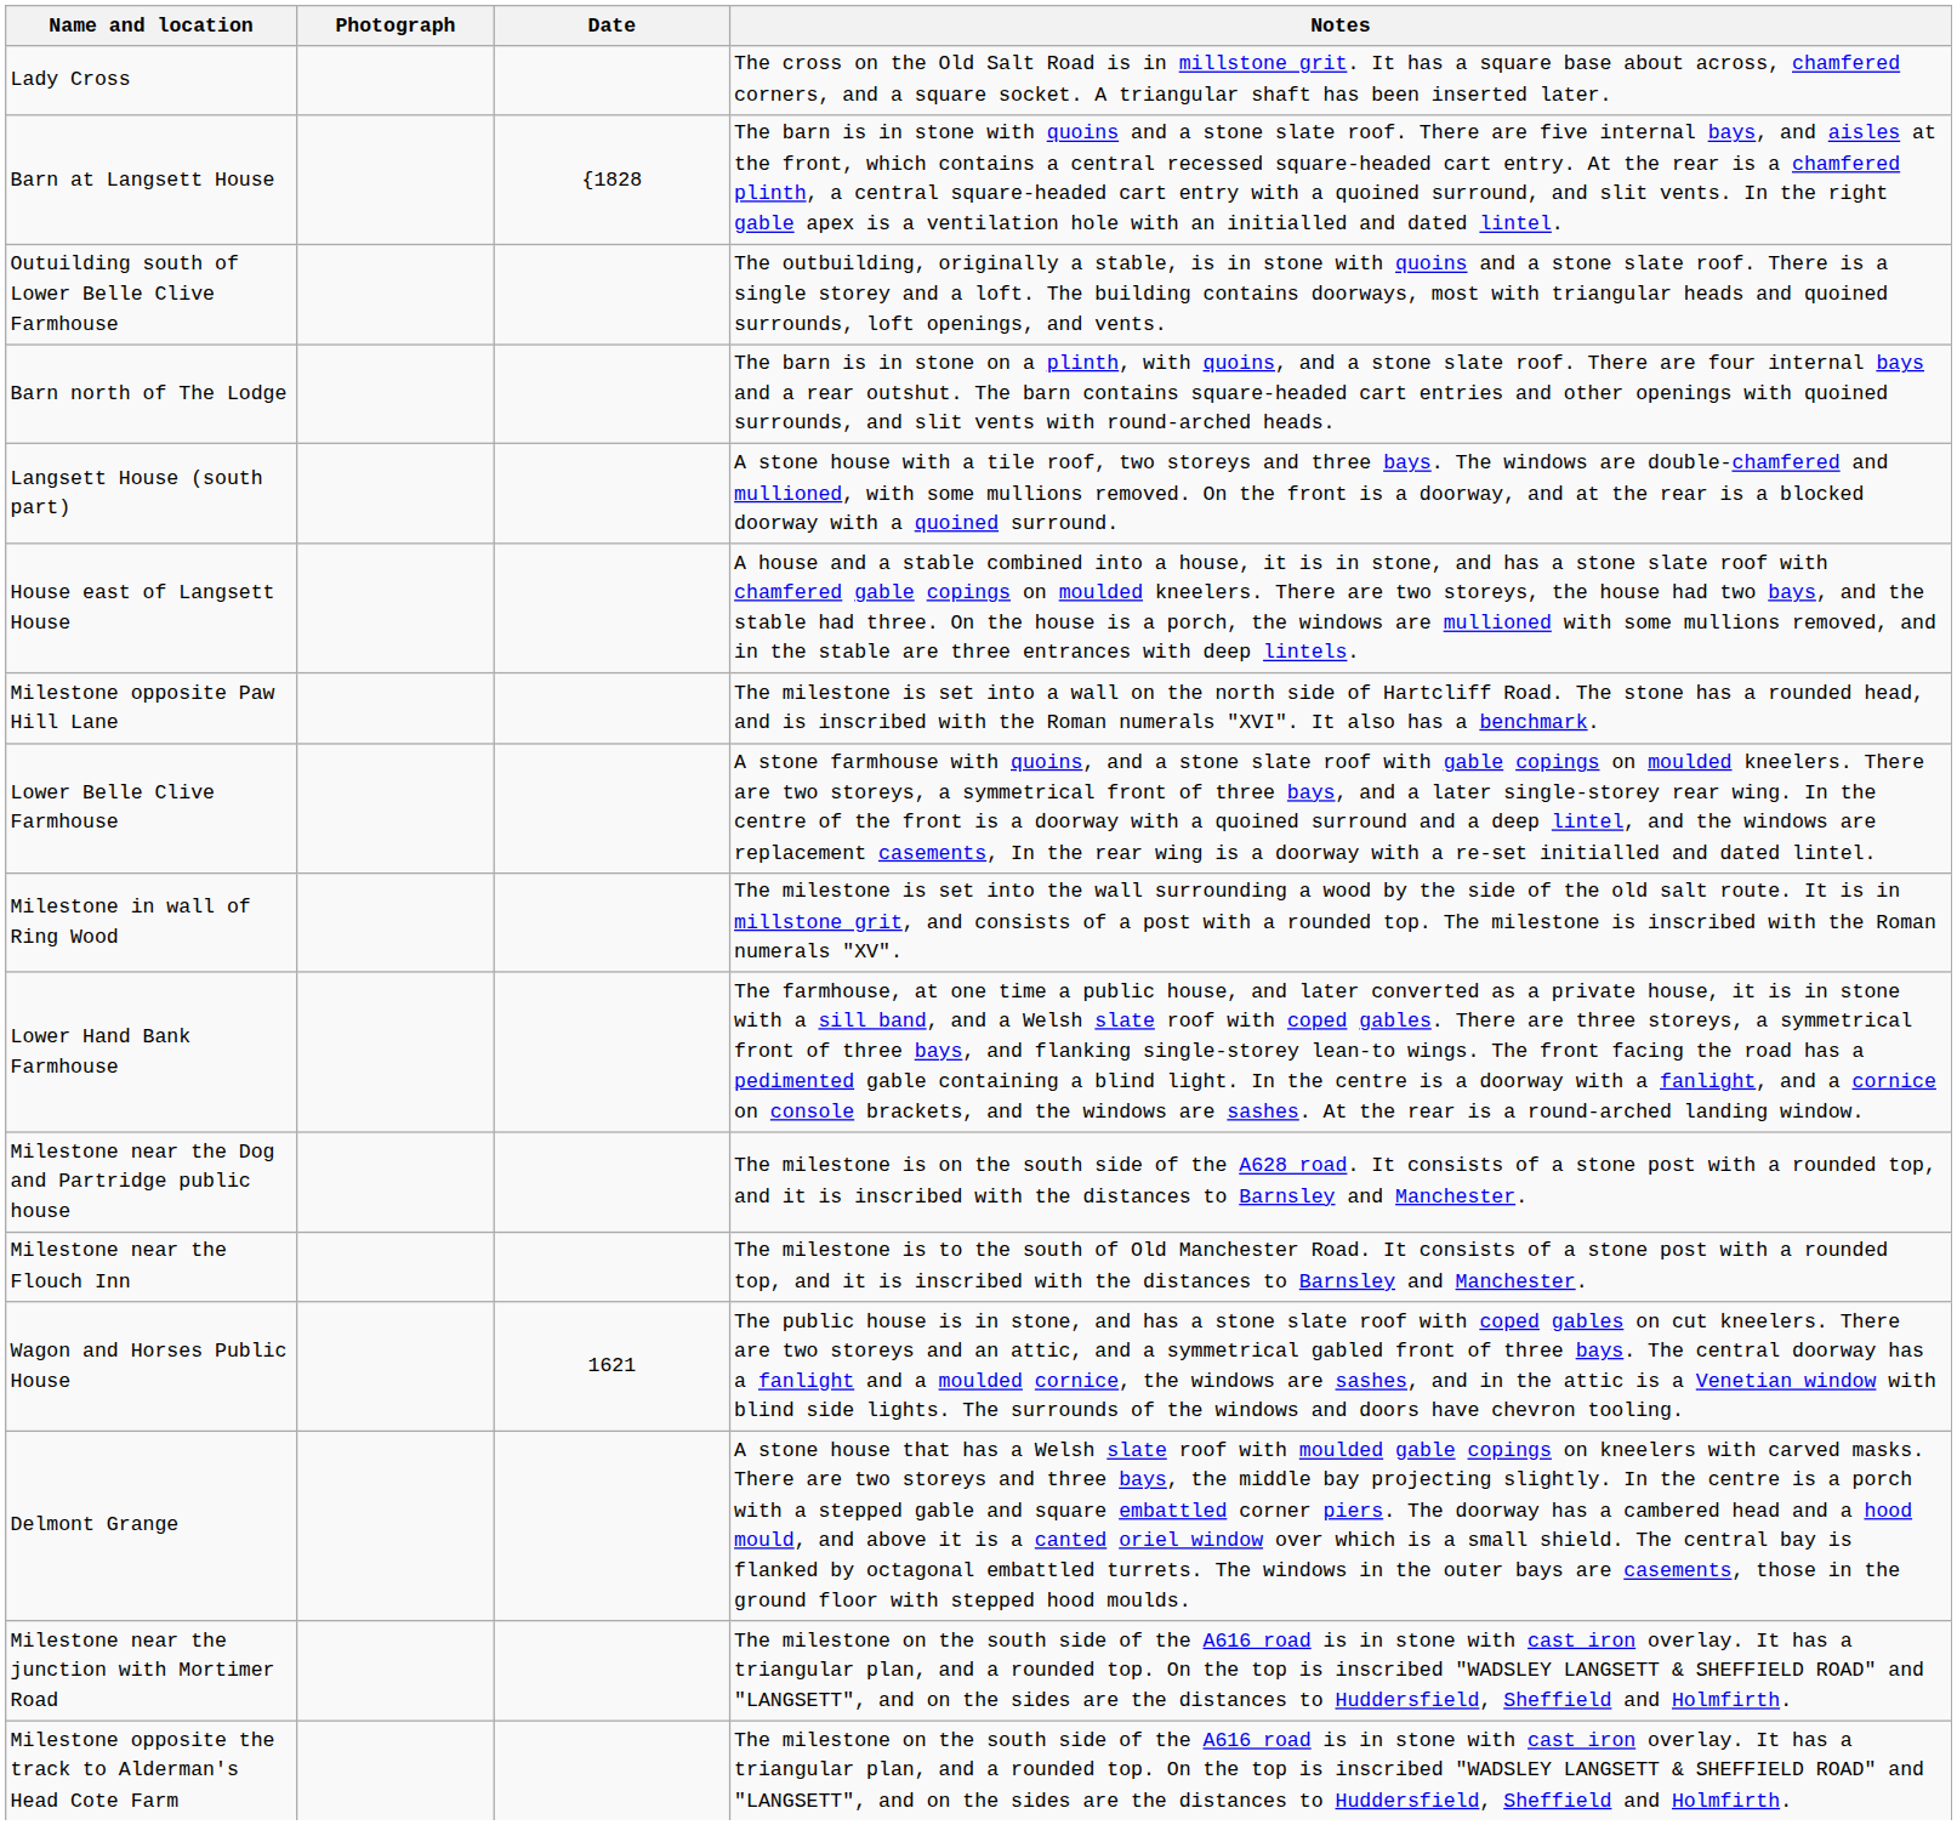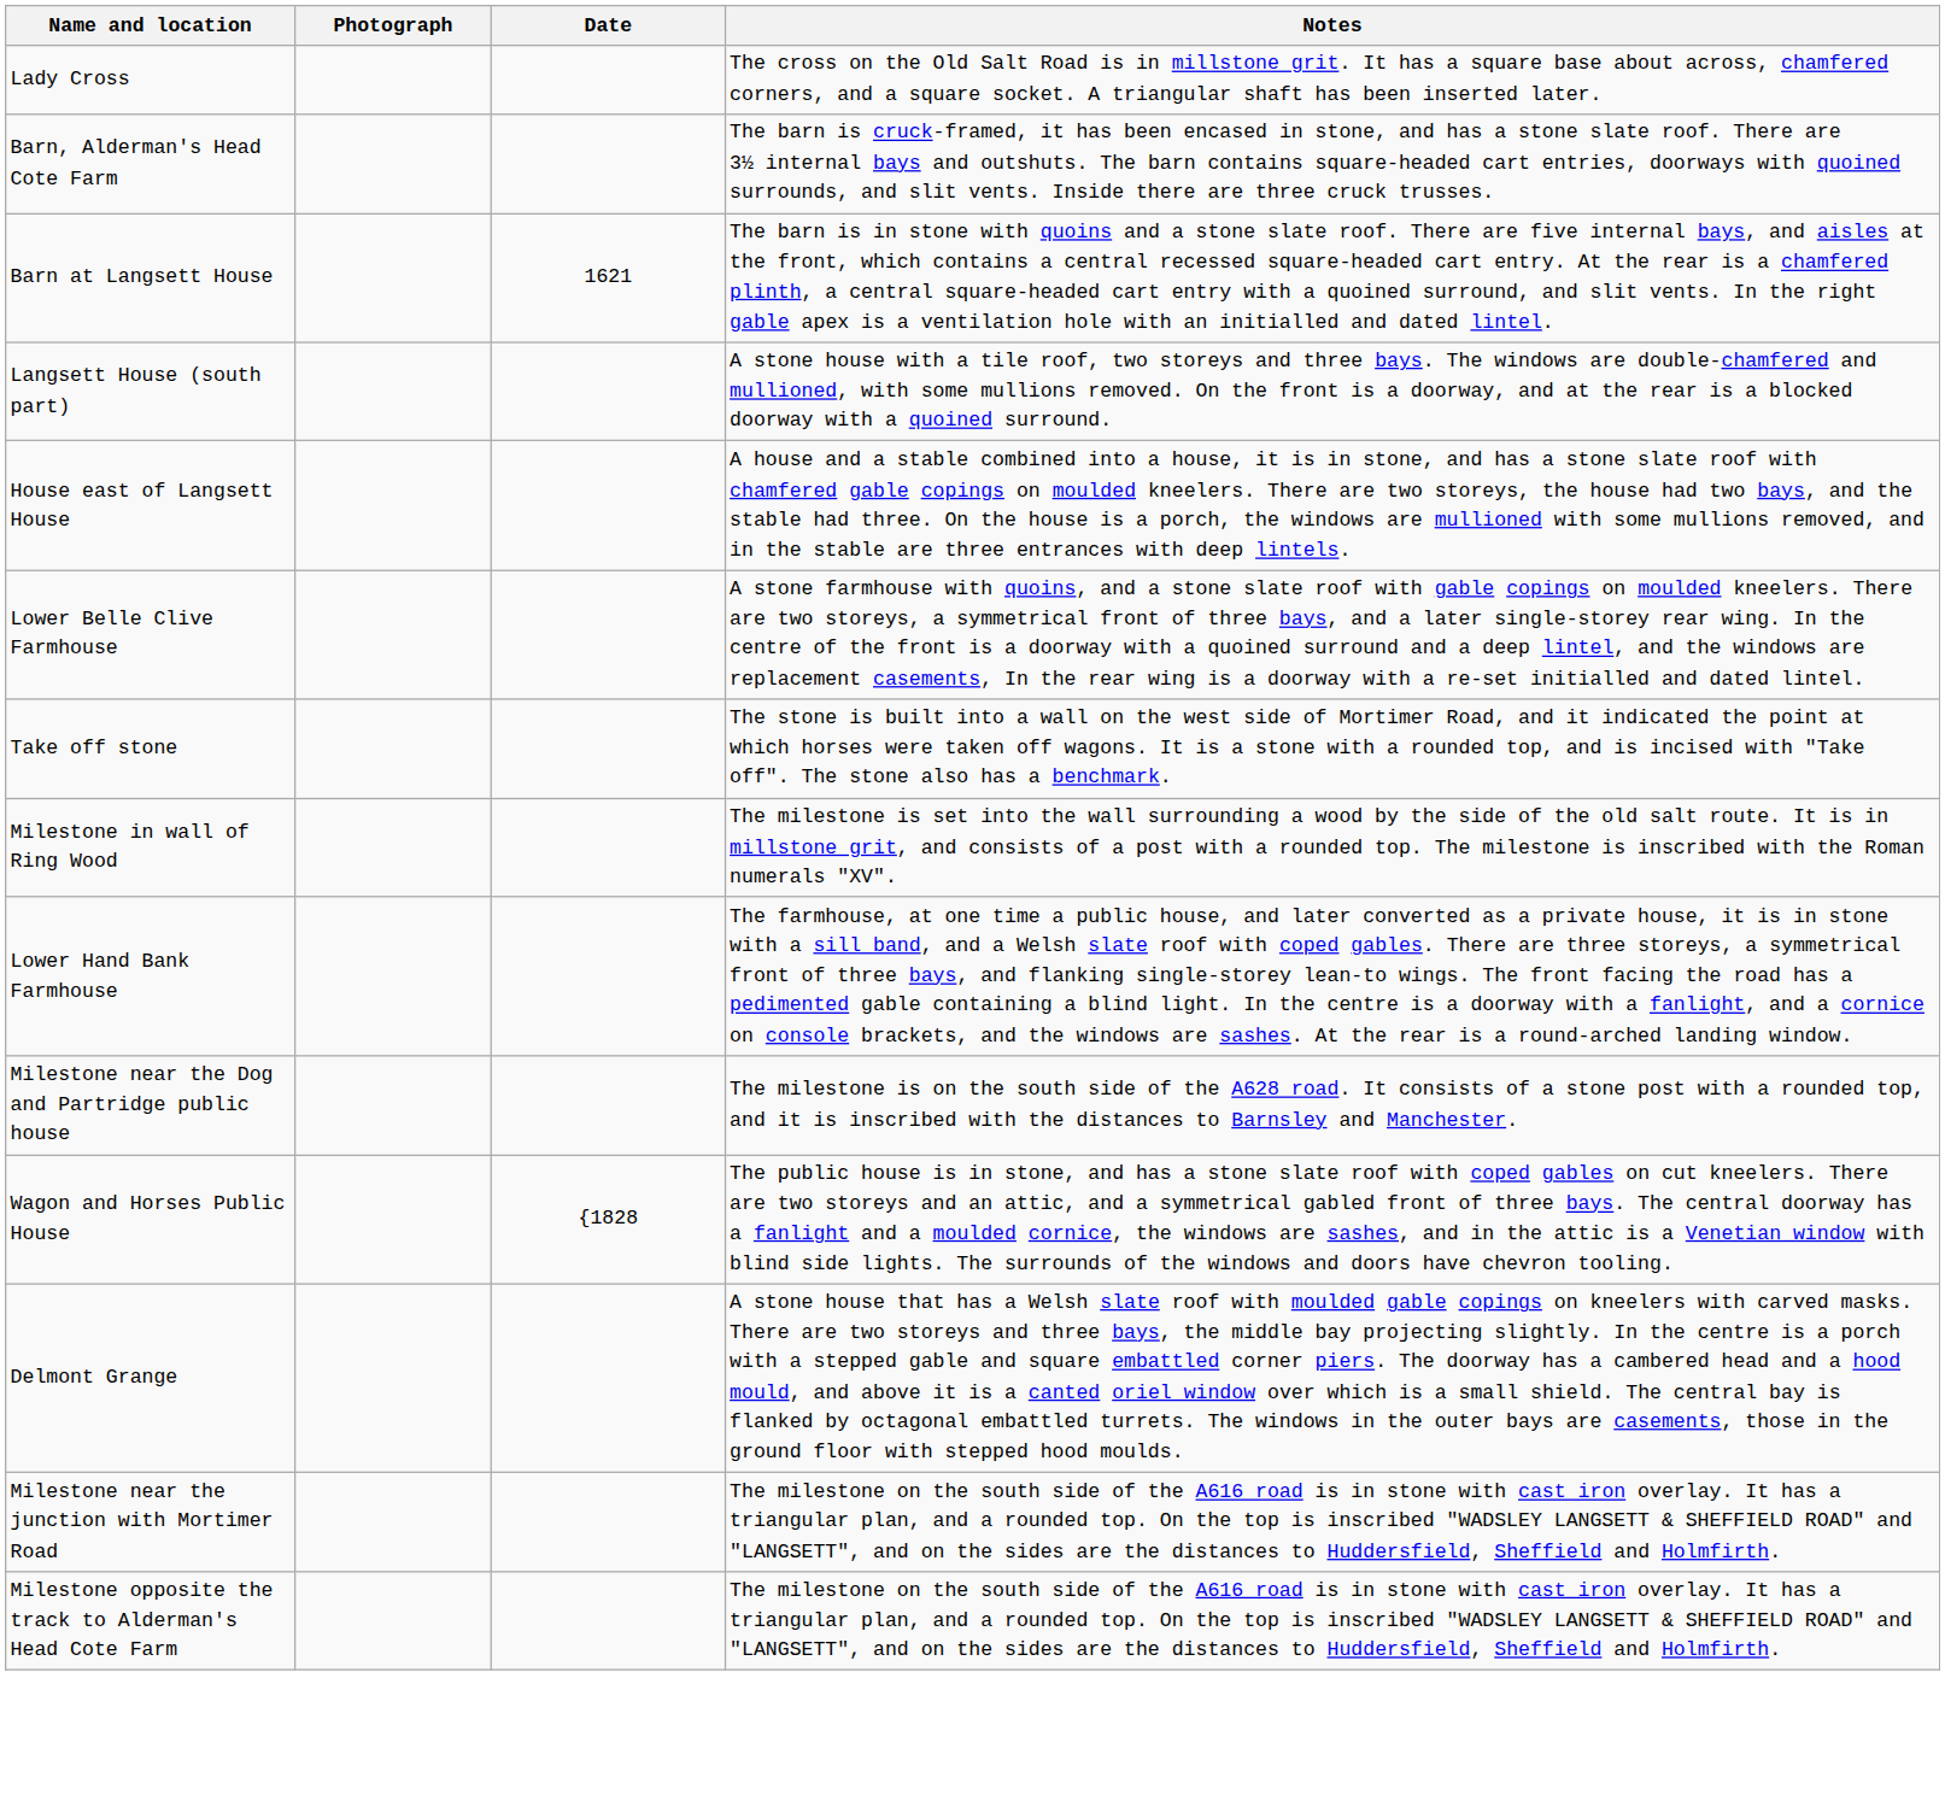 <table class="wikitable sortable plainrowheaders" style="width:100%;border:0px;text-align:left;line-height:150%;">
 <tr>
 <th scope="col"  style="width:150px">Name and location</th>
 <th scope="col"  style="width:100px" class="unsortable">Photograph</th>
 <th scope="col"  style="width:120px">Date</th>
 <th scope="col"  style="width:650px" class="unsortable">Notes</th>
 </tr>
 <tr>
 <td>Lady Cross<br><small></small></td>
 <td></td>
 <td align="center"></td>
 <td>The cross on the Old Salt Road is in <a href='#'>millstone grit</a>.  It has a square base about  across, <a href='#'>chamfered</a> corners, and a square socket.  A triangular shaft has been inserted later.</td>
 </tr>
 <tr>
+<td>Barn, Alderman's Head Cote Farm<br><small></small></td>
+<td></td>
+<td align="center"></td>
+<td>The barn is <a href='#'>cruck</a>-framed, it has been encased in stone, and has a stone slate roof.  There are 3½ internal <a href='#'>bays</a> and outshuts.  The barn contains square-headed cart entries, doorways with <a href='#'>quoined</a> surrounds, and slit vents.  Inside there are three cruck trusses.</td>
+</tr>
+<tr>
 <td>Barn at Langsett House<br><small></small></td>
 <td></td>
-<td align="center">{1828</td>
+<td align="center">1621</td>
 <td>The barn is in stone with <a href='#'>quoins</a> and a stone slate roof.  There are five internal <a href='#'>bays</a>, and <a href='#'>aisles</a> at the front, which contains a central recessed square-headed cart entry.  At the rear is a <a href='#'>chamfered</a> <a href='#'>plinth</a>, a central square-headed cart entry with a quoined surround, and slit vents.  In the right <a href='#'>gable</a> apex is a ventilation hole with an initialled and dated <a href='#'>lintel</a>.</td>
-</tr>
-<tr>
-<td>Outuilding south of Lower Belle Clive Farmhouse<br><small></small></td>
-<td></td>
-<td align="center"></td>
-<td>The outbuilding, originally a stable, is in stone with <a href='#'>quoins</a> and a stone slate roof.  There is a single storey and a loft.  The building contains doorways, most with triangular heads and quoined surrounds, loft openings, and vents.</td>
-</tr>
-<tr>
-<td>Barn north of The Lodge<br><small></small></td>
-<td></td>
-<td align="center"></td>
-<td>The barn is in stone on a <a href='#'>plinth</a>, with <a href='#'>quoins</a>, and a stone slate roof.  There are four internal <a href='#'>bays</a> and a rear outshut.  The barn contains square-headed cart entries and other openings with quoined surrounds, and slit vents with round-arched heads.</td>
 </tr>
 <tr>
 <td>Langsett House (south part)<br><small></small></td>
 <td></td>
 <td align="center"></td>
 <td>A stone house with a tile roof, two storeys and three <a href='#'>bays</a>.  The windows are double-<a href='#'>chamfered</a> and <a href='#'>mullioned</a>, with some mullions removed.  On the front is a doorway, and at the rear is a blocked doorway with a <a href='#'>quoined</a> surround.</td>
 </tr>
 <tr>
 <td>House east of Langsett House<br><small></small></td>
 <td></td>
 <td align="center"></td>
 <td>A house and a stable combined into a house, it is in stone, and has a stone slate roof with <a href='#'>chamfered</a> <a href='#'>gable</a> <a href='#'>copings</a> on <a href='#'>moulded</a> kneelers.  There are two storeys, the house had two <a href='#'>bays</a>, and the stable had three.  On the house is a porch, the windows are <a href='#'>mullioned</a> with some mullions removed, and in the stable are three entrances with deep <a href='#'>lintels</a>.</td>
 </tr>
 <tr>
-<td>Milestone opposite Paw Hill Lane<br><small></small></td>
-<td></td>
-<td align="center"></td>
-<td>The milestone is set into a wall on the north side of Hartcliff Road.  The stone has a rounded head, and is inscribed with the Roman numerals "XVI".  It also has a <a href='#'>benchmark</a>.</td>
-</tr>
-<tr>
 <td>Lower Belle Clive Farmhouse<br><small></small></td>
 <td></td>
 <td align="center"></td>
 <td>A stone farmhouse with <a href='#'>quoins</a>, and a stone slate roof with <a href='#'>gable</a> <a href='#'>copings</a> on <a href='#'>moulded</a> kneelers.  There are two storeys, a symmetrical front of three <a href='#'>bays</a>, and a later single-storey rear wing.  In the centre of the front is a doorway with a quoined surround and a deep <a href='#'>lintel</a>, and the windows are replacement <a href='#'>casements</a>,  In the rear wing is a doorway with a re-set initialled and dated lintel.</td>
+</tr>
+<tr>
+<td>Take off stone<br><small></small></td>
+<td></td>
+<td align="center"></td>
+<td>The stone is built into a wall on the west side of Mortimer Road, and it indicated the point at which horses were taken off wagons.  It is a stone with a rounded top, and is incised with "Take off". The stone also has a <a href='#'>benchmark</a>.</td>
 </tr>
 <tr>
 <td>Milestone in wall of Ring Wood<br><small></small></td>
 <td></td>
 <td align="center"></td>
 <td>The milestone is set into the wall surrounding a wood by the side of the old salt route.  It is in <a href='#'>millstone grit</a>, and consists of a post with a rounded top.  The milestone is inscribed with the Roman numerals "XV".</td>
 </tr>
 <tr>
 <td>Lower Hand Bank Farmhouse<br><small></small></td>
 <td></td>
 <td align="center"></td>
 <td>The farmhouse, at one time a public house, and later converted as a private house, it is in stone with a <a href='#'>sill band</a>, and a Welsh <a href='#'>slate</a> roof with <a href='#'>coped</a> <a href='#'>gables</a>.  There are three storeys, a symmetrical front of three <a href='#'>bays</a>, and flanking single-storey lean-to wings.  The front facing the road has a <a href='#'>pedimented</a> gable containing a blind light.  In the centre is a doorway with a <a href='#'>fanlight</a>, and a <a href='#'>cornice</a> on <a href='#'>console</a> brackets, and the windows are <a href='#'>sashes</a>.  At the rear is a round-arched landing window.</td>
 </tr>
 <tr>
 <td>Milestone near the Dog and Partridge public house<br><small></small></td>
 <td></td>
 <td align="center"></td>
 <td>The milestone is on the south side of the <a href='#'>A628 road</a>.  It consists of a stone post with a rounded top, and it is inscribed with the distances to <a href='#'>Barnsley</a> and <a href='#'>Manchester</a>.</td>
 </tr>
 <tr>
-<td>Milestone near the Flouch Inn<br><small></small></td>
-<td></td>
-<td align="center"></td>
-<td>The milestone is to the south of Old Manchester Road.  It consists of a stone post with a rounded top, and it is inscribed with the distances to <a href='#'>Barnsley</a> and <a href='#'>Manchester</a>.</td>
-</tr>
-<tr>
 <td>Wagon and Horses Public House<br><small></small></td>
 <td></td>
-<td align="center">1621</td>
+<td align="center">{1828</td>
 <td>The public house is in stone, and has a stone slate roof with <a href='#'>coped</a> <a href='#'>gables</a> on cut kneelers.  There are two storeys and an attic, and a symmetrical gabled front of three <a href='#'>bays</a>.  The central doorway has a <a href='#'>fanlight</a> and a <a href='#'>moulded</a> <a href='#'>cornice</a>, the windows are <a href='#'>sashes</a>, and in the attic is a <a href='#'>Venetian window</a> with blind side lights.  The surrounds of the windows and doors have chevron tooling.</td>
 </tr>
 <tr>
 <td>Delmont Grange<br><small></small></td>
 <td></td>
 <td align="center"></td>
 <td>A stone house that has a Welsh <a href='#'>slate</a> roof with <a href='#'>moulded</a> <a href='#'>gable</a> <a href='#'>copings</a> on kneelers with carved masks.  There are two storeys and three <a href='#'>bays</a>, the middle bay projecting slightly.  In the centre is a porch with a stepped gable and square <a href='#'>embattled</a> corner <a href='#'>piers</a>.  The doorway has a cambered head and a <a href='#'>hood mould</a>, and above it is a <a href='#'>canted</a> <a href='#'>oriel window</a> over which is a small shield.  The central bay is flanked by octagonal embattled turrets.  The windows in the outer bays are <a href='#'>casements</a>, those in the ground floor with stepped hood moulds.</td>
 </tr>
 <tr>
 <td>Milestone near the junction with Mortimer Road<br><small></small></td>
 <td></td>
 <td align="center"></td>
 <td>The milestone on the south side of the <a href='#'>A616 road</a> is in stone with <a href='#'>cast iron</a> overlay.  It has a triangular plan, and a rounded top.  On the top is inscribed "WADSLEY LANGSETT & SHEFFIELD ROAD" and "LANGSETT", and on the sides are the distances to <a href='#'>Huddersfield</a>, <a href='#'>Sheffield</a> and <a href='#'>Holmfirth</a>.</td>
 </tr>
 <tr>
 <td>Milestone opposite the track to Alderman's Head Cote Farm<br><small></small></td>
 <td></td>
 <td align="center"></td>
 <td>The milestone on the south side of the <a href='#'>A616 road</a> is in stone with <a href='#'>cast iron</a> overlay.  It has a triangular plan, and a rounded top.  On the top is inscribed "WADSLEY LANGSETT & SHEFFIELD ROAD" and "LANGSETT", and on the sides are the distances to <a href='#'>Huddersfield</a>, <a href='#'>Sheffield</a> and <a href='#'>Holmfirth</a>.</td>
 </tr>
 <tr>
 </tr>
 </table>
